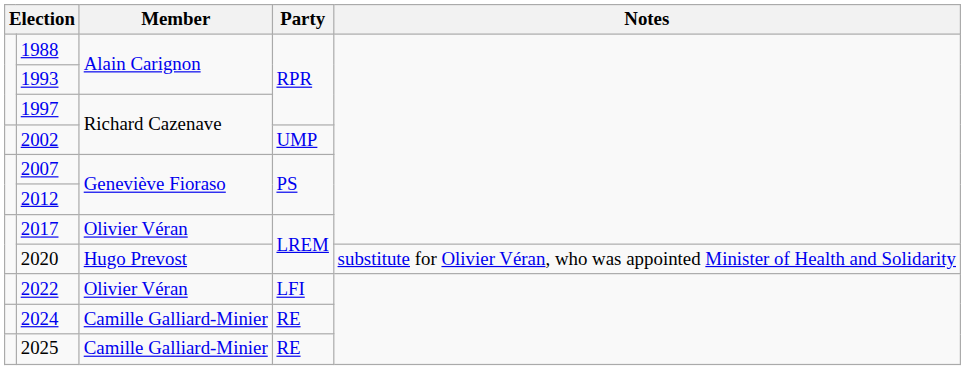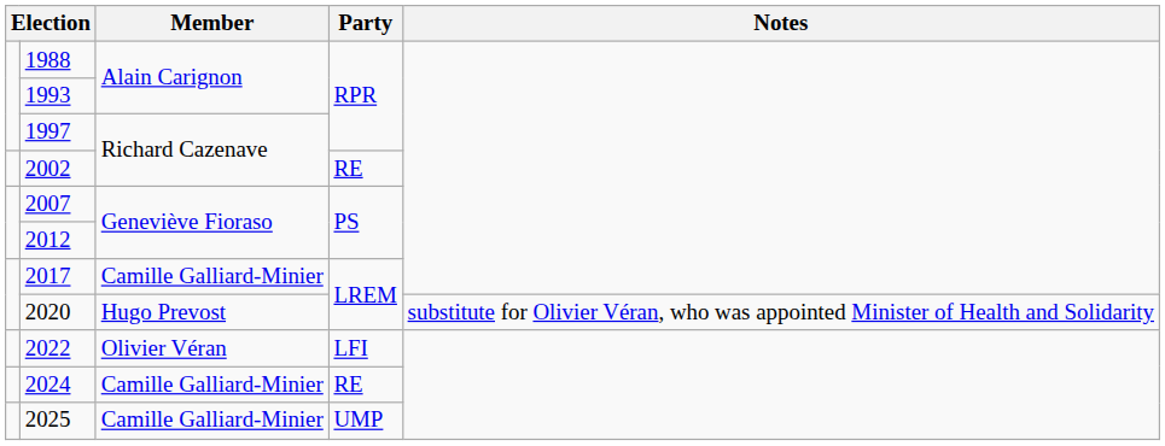 <table class="wikitable">
 <tr>
 <th colspan="2">Election</th>
 <th>Member</th>
 <th>Party</th>
 <th>Notes</th>
 </tr>
 <tr>
 <td rowspan=3 style="color:inherit;background-color: "></td>
 <td><a href='#'>1988</a></td>
 <td rowspan=2><a href='#'>Alain Carignon</a></td>
 <td rowspan=3><a href='#'>RPR</a></td>
 </tr>
 <tr>
 <td><a href='#'>1993</a></td>
 </tr>
 <tr>
 <td><a href='#'>1997</a></td>
 <td rowspan=2>Richard Cazenave</td>
 </tr>
 <tr>
 <td style="color:inherit;background-color: "></td>
 <td><a href='#'>2002</a></td>
-<td><a href='#'>UMP</a></td>
+<td><a href='#'>RE</a></td>
 </tr>
 <tr>
 <td rowspan=2 style="color:inherit;background-color: "></td>
 <td><a href='#'>2007</a></td>
 <td rowspan=2><a href='#'>Geneviève Fioraso</a></td>
 <td rowspan=2><a href='#'>PS</a></td>
 </tr>
 <tr>
 <td><a href='#'>2012</a></td>
 </tr>
 <tr>
 <td rowspan="2" style="color:inherit;background-color: "></td>
 <td><a href='#'>2017</a></td>
-<td><a href='#'>Olivier Véran</a></td>
+<td><a href='#'>Camille Galliard-Minier</a></td>
 <td rowspan="2"><a href='#'>LREM</a></td>
 </tr>
 <tr>
 <td>2020</td>
 <td><a href='#'>Hugo Prevost</a></td>
 <td><a href='#'>substitute</a> for <a href='#'>Olivier Véran</a>, who was appointed <a href='#'>Minister of Health and Solidarity</a></td>
 </tr>
 <tr>
 <td style="color:inherit;background-color: "></td>
 <td><a href='#'>2022</a></td>
 <td><a href='#'>Olivier Véran</a></td>
 <td><a href='#'>LFI</a></td>
 </tr>
 <tr>
 <td style="color:inherit;background-color: "></td>
 <td><a href='#'>2024</a></td>
 <td><a href='#'>Camille Galliard-Minier</a></td>
 <td><a href='#'>RE</a></td>
 </tr>
 <tr>
 <td style="color:inherit;background-color: "></td>
 <td>2025</td>
 <td><a href='#'>Camille Galliard-Minier</a></td>
-<td><a href='#'>RE</a></td>
+<td><a href='#'>UMP</a></td>
 </tr>
 </table>
